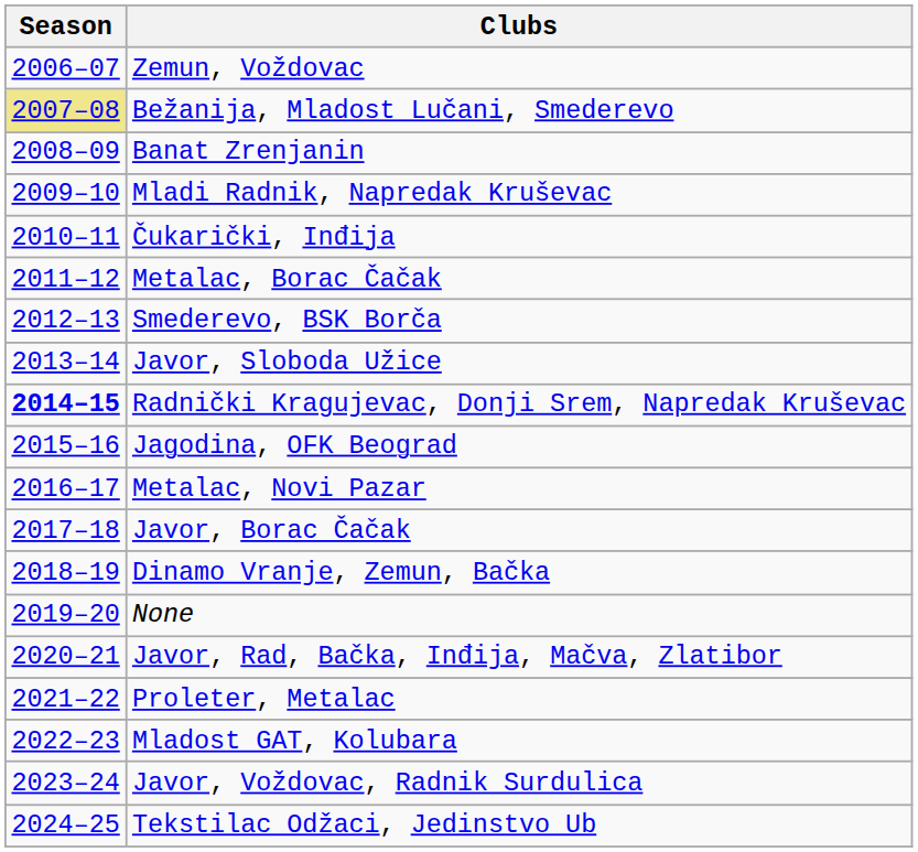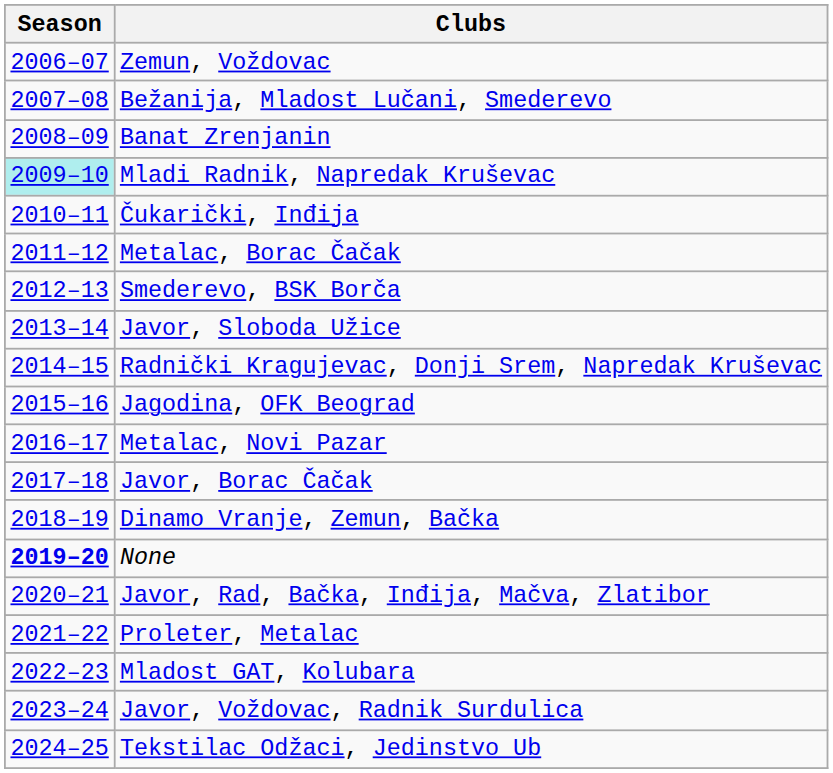 <table class="wikitable" style="text-align:left">
 <tr>
 <th>Season</th>
 <th>Clubs</th>
 </tr>
 <tr>
 <td><a href='#'>2006–07</a></td>
 <td><a href='#'>Zemun</a>, <a href='#'>Voždovac</a></td>
 </tr>
 <tr>
-<td style="background: khaki;"><a href='#'>2007–08</a></td>
+<td><a href='#'>2007–08</a></td>
 <td><a href='#'>Bežanija</a>, <a href='#'>Mladost Lučani</a>, <a href='#'>Smederevo</a></td>
 </tr>
 <tr>
 <td><a href='#'>2008–09</a></td>
 <td><a href='#'>Banat Zrenjanin</a></td>
 </tr>
 <tr>
-<td><a href='#'>2009–10</a></td>
+<td style="background: paleturquoise;"><a href='#'>2009–10</a></td>
 <td><a href='#'>Mladi Radnik</a>, <a href='#'>Napredak Kruševac</a></td>
 </tr>
 <tr>
 <td><a href='#'>2010–11</a></td>
 <td><a href='#'>Čukarički</a>, <a href='#'>Inđija</a></td>
 </tr>
 <tr>
 <td><a href='#'>2011–12</a></td>
 <td><a href='#'>Metalac</a>, <a href='#'>Borac Čačak</a></td>
 </tr>
 <tr>
 <td><a href='#'>2012–13</a></td>
 <td><a href='#'>Smederevo</a>, <a href='#'>BSK Borča</a></td>
 </tr>
 <tr>
 <td><a href='#'>2013–14</a></td>
 <td><a href='#'>Javor</a>, <a href='#'>Sloboda Užice</a></td>
 </tr>
 <tr>
-<td><strong><a href='#'>2014–15</a></strong></td>
+<td><a href='#'>2014–15</a></td>
 <td><a href='#'>Radnički Kragujevac</a>, <a href='#'>Donji Srem</a>, <a href='#'>Napredak Kruševac</a></td>
 </tr>
 <tr>
 <td><a href='#'>2015–16</a></td>
 <td><a href='#'>Jagodina</a>, <a href='#'>OFK Beograd</a></td>
 </tr>
 <tr>
 <td><a href='#'>2016–17</a></td>
 <td><a href='#'>Metalac</a>, <a href='#'>Novi Pazar</a></td>
 </tr>
 <tr>
 <td><a href='#'>2017–18</a></td>
 <td><a href='#'>Javor</a>, <a href='#'>Borac Čačak</a></td>
 </tr>
 <tr>
 <td><a href='#'>2018–19</a></td>
 <td><a href='#'>Dinamo Vranje</a>, <a href='#'>Zemun</a>, <a href='#'>Bačka</a></td>
 </tr>
 <tr>
-<td><a href='#'>2019–20</a></td>
+<td><strong><a href='#'>2019–20</a></strong></td>
 <td><em>None</em></td>
 </tr>
 <tr>
 <td><a href='#'>2020–21</a></td>
 <td><a href='#'>Javor</a>, <a href='#'>Rad</a>, <a href='#'>Bačka</a>, <a href='#'>Inđija</a>, <a href='#'>Mačva</a>, <a href='#'>Zlatibor</a></td>
 </tr>
 <tr>
 <td><a href='#'>2021–22</a></td>
 <td><a href='#'>Proleter</a>, <a href='#'>Metalac</a></td>
 </tr>
 <tr>
 <td><a href='#'>2022–23</a></td>
 <td><a href='#'>Mladost GAT</a>, <a href='#'>Kolubara</a></td>
 </tr>
 <tr>
 <td><a href='#'>2023–24</a></td>
 <td><a href='#'>Javor</a>, <a href='#'>Voždovac</a>, <a href='#'>Radnik Surdulica</a></td>
 </tr>
 <tr>
 <td><a href='#'>2024–25</a></td>
 <td><a href='#'>Tekstilac Odžaci</a>, <a href='#'>Jedinstvo Ub</a></td>
 </tr>
 </table>
